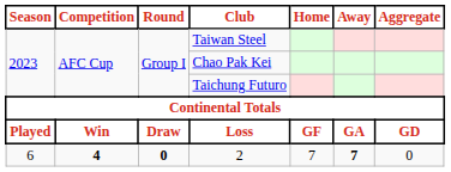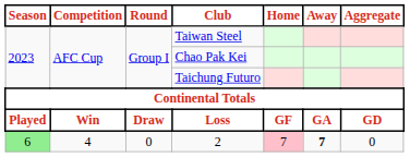 <table class="wikitable">
 <tr>
 <th style="background:#FFFFFF; color:#D62E1D; border:2px solid #000000">Season</th>
 <th style="background:#FFFFFF; color:#D62E1D; border:2px solid #000000">Competition</th>
 <th style="background:#FFFFFF; color:#D62E1D; border:2px solid #000000">Round</th>
 <th style="background:#FFFFFF; color:#D62E1D; border:2px solid #000000">Club</th>
 <th style="background:#FFFFFF; color:#D62E1D; border:2px solid #000000">Home</th>
 <th style="background:#FFFFFF; color:#D62E1D; border:2px solid #000000">Away</th>
 <th style="background:#FFFFFF; color:#D62E1D; border:2px solid #000000">Aggregate</th>
 </tr>
 <tr>
 <td rowspan="4"><a href='#'>2023</a></td>
 <td rowspan="4"><a href='#'>AFC Cup</a></td>
 <td rowspan="4"><a href='#'>Group I</a></td>
 </tr>
 <tr>
 <td> <a href='#'>Taiwan Steel</a></td>
 <td align=center style="background:#dfd;"></td>
 <td align=center style="background:#fdd;"></td>
 <td align=center style="background:#fdd;"></td>
 </tr>
 <tr>
 <td> <a href='#'>Chao Pak Kei</a></td>
 <td align=center style="background:#dfd;"></td>
 <td align=center style="background:#dfd;"></td>
 <td align=center style="background:#dfd;"></td>
 </tr>
 <tr>
 <td {{nowrap> <a href='#'>Taichung Futuro</a></td>
 <td align=center style="background:#fdd;"></td>
 <td align=center style="background:#dfd;"></td>
 <td align=center style="background:#fdd;"></td>
 </tr>
 <tr>
 <th colspan=7; style="background:#FFFFFF; color:#D62E1D; border:2px solid #000000">Continental Totals</th>
 </tr>
 <tr>
 <th style="background:#FFFFFF; color:#D62E1D; border:2px solid #000000">Played</th>
 <th style="background:#FFFFFF; color:#D62E1D; border:2px solid #000000">Win</th>
 <th style="background:#FFFFFF; color:#D62E1D; border:2px solid #000000">Draw</th>
 <th style="background:#FFFFFF; color:#D62E1D; border:2px solid #000000">Loss</th>
 <th style="background:#FFFFFF; color:#D62E1D; border:2px solid #000000">GF</th>
 <th style="background:#FFFFFF; color:#D62E1D; border:2px solid #000000">GA</th>
 <th style="background:#FFFFFF; color:#D62E1D; border:2px solid #000000">GD</th>
 </tr>
 <tr>
-<td align=center>6</td>
-<td align=center><strong>4</strong></td>
-<td align=center><strong>0</strong></td>
+<td align=center style="background: lightgreen;">6</td>
+<td align=center>4</td>
+<td align=center>0</td>
 <td align=center>2</td>
-<td align=center>7</td>
+<td align=center style="background: pink;">7</td>
 <td align=center><strong>7</strong></td>
 <td align=center>0</td>
 </tr>
 </table>
